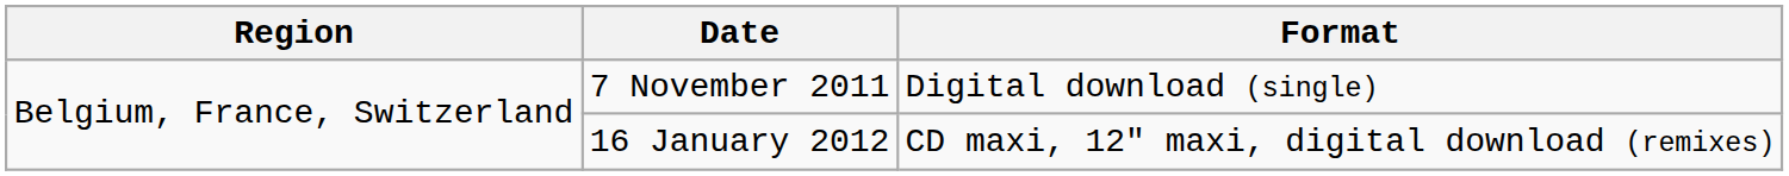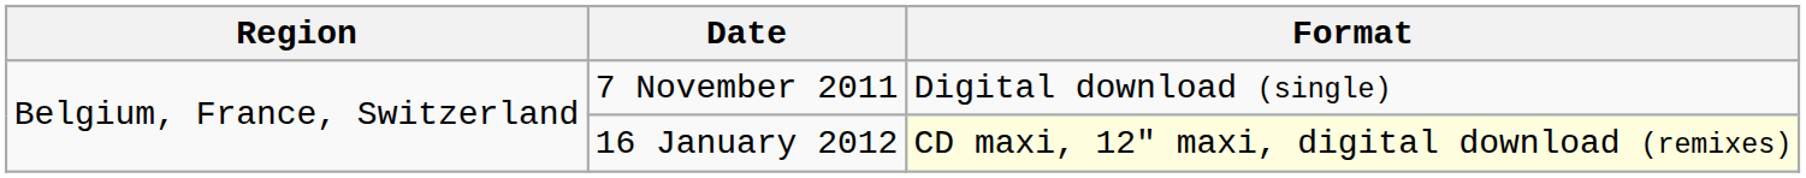 <table class="wikitable">
 <tr>
 <th>Region</th>
 <th>Date</th>
 <th>Format</th>
 </tr>
 <tr>
 <td rowspan="2">Belgium, France, Switzerland</td>
 <td>7 November 2011</td>
 <td>Digital download <small>(single)</small></td>
 </tr>
 <tr>
 <td>16 January 2012</td>
-<td>CD maxi, 12" maxi, digital download <small>(remixes)</small></td>
+<td style="background: lightyellow;">CD maxi, 12" maxi, digital download <small>(remixes)</small></td>
 </tr>
 </table>
